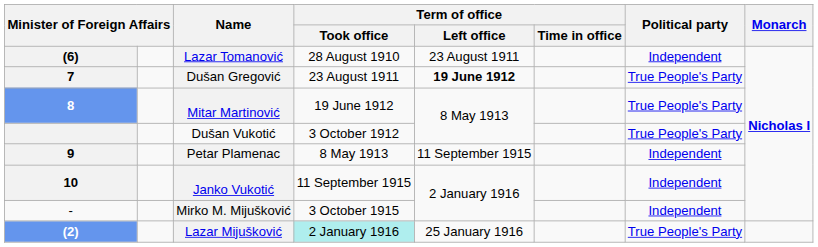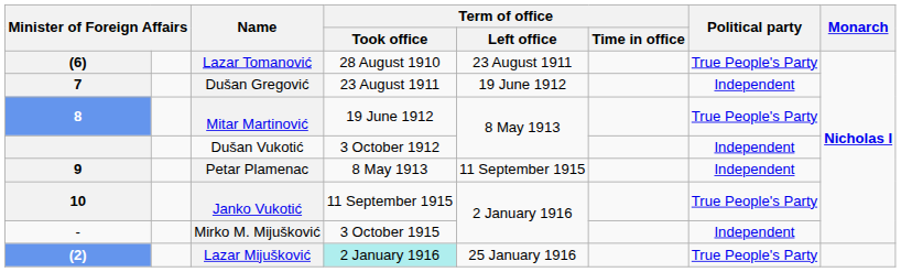 <table class="wikitable" style="text-align:center; margin-bottom:0">
 <tr>
 <th colspan="2" rowspan="2">Minister of Foreign Affairs</th>
 <th rowspan="2">Name<br></th>
 <th colspan="3">Term of office</th>
 <th rowspan="2">Political party</th>
 <th colspan="2" rowspan="2"><a href='#'>Monarch</a></th>
 </tr>
 <tr>
 <th>Took office</th>
 <th>Left office</th>
 <th>Time in office</th>
 </tr>
 <tr>
 <th style="background:">(6)</th>
 <td></td>
 <th scope="row" style="font-weight:normal;"><a href='#'>Lazar Tomanović</a><br></th>
 <td>28 August 1910</td>
 <td>23 August 1911</td>
 <td></td>
-<td><a href='#'>Independent</a></td>
+<td><a href='#'>True People's Party</a></td>
 <td rowspan="7"><strong><a href='#'>Nicholas I</a></strong><br><br></td>
 </tr>
 <tr>
 <th style="background:">7</th>
 <td></td>
 <th scope="row" style="font-weight:normal;">Dušan Gregović<br></th>
 <td>23 August 1911</td>
-<td><strong>19 June 1912</strong></td>
+<td>19 June 1912</td>
 <td></td>
-<td><a href='#'>True People's Party</a></td>
+<td><a href='#'>Independent</a></td>
 </tr>
 <tr>
 <th style="background:#6495ED; color:white;">8</th>
 <td></td>
 <th scope="row" style="font-weight:normal;"><br><a href='#'>Mitar Martinović</a><br></th>
 <td>19 June 1912</td>
 <td rowspan="2">8 May 1913</td>
 <td></td>
 <td><a href='#'>True People's Party</a></td>
 </tr>
 <tr>
 <th scope="row" style="font-weight:normal;"></th>
 <td></td>
 <td>Dušan Vukotić </td>
 <td>3 October 1912</td>
 <td></td>
-<td><a href='#'>True People's Party</a></td>
+<td><a href='#'>Independent</a></td>
 </tr>
 <tr>
 <th ! style="background:">9</th>
 <td></td>
 <th scope="row" style="font-weight:normal;">Petar Plamenac<br></th>
 <td>8 May 1913</td>
 <td>11 September 1915</td>
 <td></td>
 <td><a href='#'>Independent</a></td>
 </tr>
 <tr>
 <th style="background:">10</th>
 <td></td>
 <th scope="row" style="font-weight:normal;"><br><a href='#'>Janko Vukotić</a><br></th>
 <td>11 September 1915</td>
 <td rowspan="2">2 January 1916</td>
 <td></td>
-<td><a href='#'>Independent</a></td>
+<td><a href='#'>True People's Party</a></td>
 </tr>
 <tr>
 <td style="background:">-</td>
 <td></td>
 <th scope="row" style="font-weight:normal;">Mirko M. Mijušković <br></th>
 <td>3 October 1915</td>
 <td></td>
 <td><a href='#'>Independent</a></td>
 </tr>
 <tr>
 <th style="background:#6495ED; color:white;">(2)</th>
 <td></td>
 <th scope="row" style="font-weight:normal;"><a href='#'>Lazar Mijušković</a><br></th>
 <td style="background: paleturquoise;">2 January 1916</td>
 <td>25 January 1916</td>
 <td></td>
 <td><a href='#'>True People's Party</a></td>
 </tr>
 </table>
